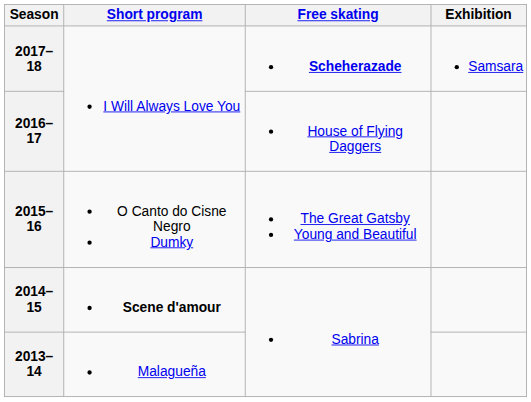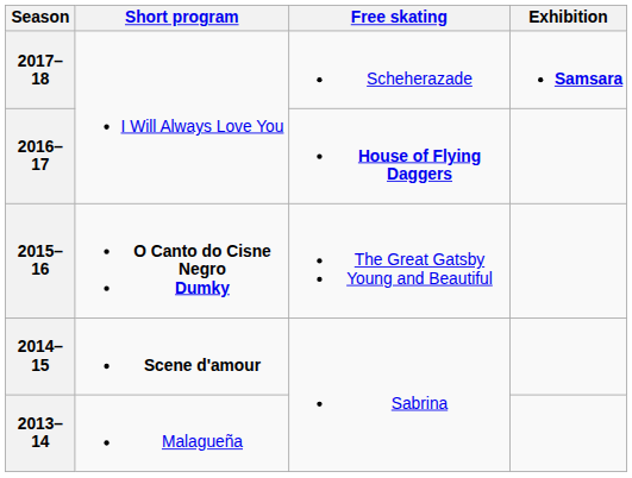 <table class=wikitable style=text-align:center>
 <tr>
 <th>Season</th>
 <th><a href='#'>Short program</a></th>
 <th><a href='#'>Free skating</a></th>
 <th>Exhibition</th>
 </tr>
 <tr>
 <th>2017–18 <br></th>
 <td rowspan=2><br><ul><li><a href='#'>I Will Always Love You</a> <br></li></ul></td>
-<td><strong><br><ul><li><a href='#'>Scheherazade</a> <br></li></ul></strong></td>
-<td><br><ul><li><a href='#'>Samsara</a> <br></li></ul></td>
+<td><br><ul><li><a href='#'>Scheherazade</a> <br></li></ul></td>
+<td><strong><br><ul><li><a href='#'>Samsara</a> <br></li></ul></strong></td>
 </tr>
 <tr>
 <th>2016–17 <br> </th>
-<td><br><ul><li><a href='#'>House of Flying Daggers</a> <br></li></ul></td>
+<td><strong><br><ul><li><a href='#'>House of Flying Daggers</a> <br></li></ul></strong></td>
 <td></td>
 </tr>
 <tr>
 <th>2015–16 <br> </th>
-<td><br><ul><li>O Canto do Cisne Negro <br></li><li><a href='#'>Dumky</a> <br></li></ul></td>
+<td><strong><br><ul><li>O Canto do Cisne Negro <br></li><li><a href='#'>Dumky</a> <br></li></ul></strong></td>
 <td><br><ul><li><a href='#'>The Great Gatsby</a> <br></li><li><a href='#'>Young and Beautiful</a> <br></li></ul></td>
 <td></td>
 </tr>
 <tr>
 <th>2014–15 <br> </th>
 <td><strong><br><ul><li>Scene d'amour <br></li></ul></strong></td>
 <td rowspan=2><br><ul><li><a href='#'>Sabrina</a> <br></li></ul></td>
 <td></td>
 </tr>
 <tr>
 <th>2013–14 <br> </th>
 <td><br><ul><li><a href='#'>Malagueña</a> <br></li></ul></td>
 <td></td>
 </tr>
 </table>
